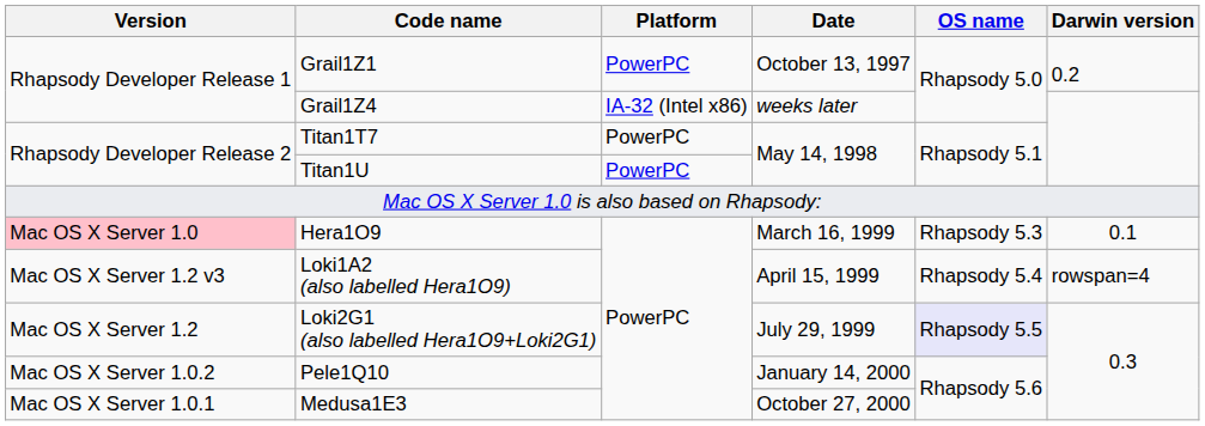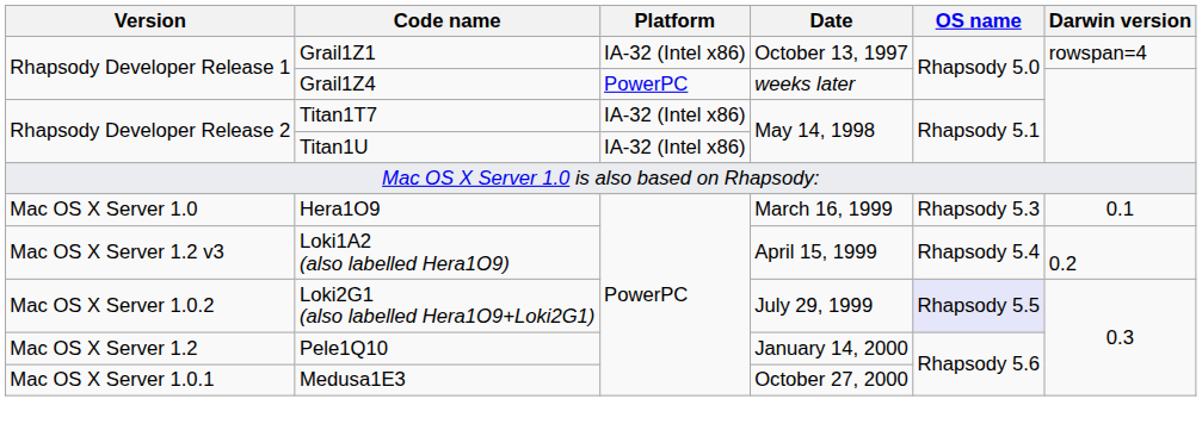 <table class="wikitable">
 <tr>
 <th>Version</th>
 <th>Code name</th>
 <th>Platform</th>
 <th>Date</th>
 <th><a href='#'>OS name</a></th>
 <th>Darwin version</th>
 </tr>
 <tr>
 <td rowspan="2">Rhapsody Developer Release 1</td>
 <td>Grail1Z1</td>
-<td><a href='#'>PowerPC</a></td>
+<td>IA-32 (Intel x86)</td>
 <td>October 13, 1997</td>
 <td rowspan="2">Rhapsody 5.0</td>
-<td><br>0.2</td>
+<td>rowspan=4 </td>
 </tr>
 <tr>
 <td>Grail1Z4</td>
-<td><a href='#'>IA-32</a> (Intel x86)</td>
+<td><a href='#'>PowerPC</a></td>
 <td><em>weeks later</em></td>
 </tr>
 <tr>
 <td rowspan="2">Rhapsody Developer Release 2</td>
 <td>Titan1T7</td>
-<td>PowerPC</td>
+<td>IA-32 (Intel x86)</td>
 <td rowspan="2">May 14, 1998</td>
 <td rowspan="2">Rhapsody 5.1</td>
 </tr>
 <tr>
 <td>Titan1U</td>
-<td><a href='#'>PowerPC</a></td>
+<td>IA-32 (Intel x86)</td>
 </tr>
 <tr>
 <td colspan="6" style="background-color:#EAECF0; text-align:center"><em><a href='#'>Mac OS X Server 1.0</a> is also based on Rhapsody:</em></td>
 </tr>
 <tr>
-<td style="background: pink;">Mac OS X Server 1.0</td>
+<td>Mac OS X Server 1.0</td>
 <td>Hera1O9</td>
 <td rowspan="5">PowerPC</td>
 <td>March 16, 1999</td>
 <td>Rhapsody 5.3</td>
 <td style="text-align:center">0.1</td>
 </tr>
 <tr>
 <td>Mac OS X Server 1.2 v3</td>
 <td>Loki1A2<br><em>(also labelled Hera1O9)</em></td>
 <td>April 15, 1999</td>
 <td>Rhapsody 5.4</td>
-<td>rowspan=4 </td>
+<td><br>0.2</td>
 </tr>
 <tr>
-<td>Mac OS X Server 1.2</td>
+<td>Mac OS X Server 1.0.2</td>
 <td>Loki2G1<br><em>(also labelled Hera1O9+Loki2G1)</em></td>
 <td>July 29, 1999</td>
 <td style="background: lavender;">Rhapsody 5.5</td>
 <td rowspan="3" style="text-align:center">0.3</td>
 </tr>
 <tr>
-<td>Mac OS X Server 1.0.2</td>
+<td>Mac OS X Server 1.2</td>
 <td>Pele1Q10</td>
 <td>January 14, 2000</td>
 <td rowspan="2">Rhapsody 5.6</td>
 </tr>
 <tr>
 <td>Mac OS X Server 1.0.1</td>
 <td>Medusa1E3</td>
 <td>October 27, 2000</td>
 </tr>
 </table>
